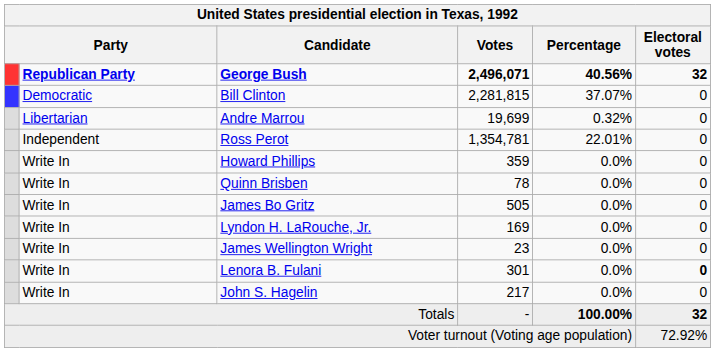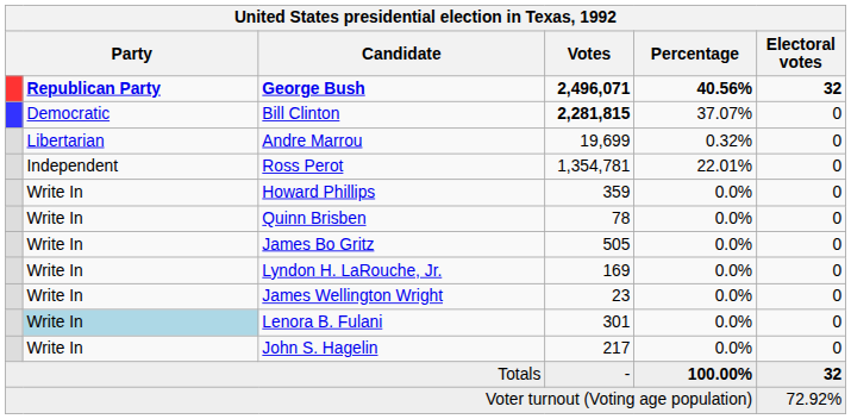 <table class="wikitable">
 <tr style="background:#e9e9e9;">
 <th colspan="6">United States presidential election in Texas, 1992</th>
 </tr>
 <tr style="background:#eee; text-align:center;">
 <th colspan="2" style="width: 15em">Party</th>
 <th style="width: 17em">Candidate</th>
 <th style="width: 5em">Votes</th>
 <th style="width: 7em">Percentage</th>
 <th style="width: 5em">Electoral votes</th>
 </tr>
 <tr>
 <th style="background:#f33; width:3px;"></th>
 <td style="width: 130px"><strong><a href='#'>Republican Party</a></strong></td>
 <td><strong><a href='#'>George Bush</a></strong></td>
 <td style="text-align:right;"><strong>2,496,071</strong></td>
 <td style="text-align:right;"><strong>40.56%</strong></td>
 <td style="text-align:right;"><strong>32</strong></td>
 </tr>
 <tr>
 <th style="background:#33f; width:3px;"></th>
 <td style="width: 130px"><a href='#'>Democratic</a></td>
 <td><a href='#'>Bill Clinton</a></td>
-<td style="text-align:right;">2,281,815</td>
+<td style="text-align:right;"><strong>2,281,815</strong></td>
 <td style="text-align:right;">37.07%</td>
 <td style="text-align:right;">0</td>
 </tr>
 <tr>
 <th style="background:#ddd; width:3px;"></th>
 <td style="width: 130px"><a href='#'>Libertarian</a></td>
 <td><a href='#'>Andre Marrou</a></td>
 <td style="text-align:right;">19,699</td>
 <td style="text-align:right;">0.32%</td>
 <td style="text-align:right;">0</td>
 </tr>
 <tr>
 <th style="background:#ddd; width:3px;"></th>
 <td style="width: 130px">Independent</td>
 <td><a href='#'>Ross Perot</a></td>
 <td style="text-align:right;">1,354,781</td>
 <td style="text-align:right;">22.01%</td>
 <td style="text-align:right;">0</td>
 </tr>
 <tr>
 <th style="background:#ddd; width:3px;"></th>
 <td style="width: 130px">Write In</td>
 <td><a href='#'>Howard Phillips</a></td>
 <td style="text-align:right;">359</td>
 <td style="text-align:right;">0.0%</td>
 <td style="text-align:right;">0</td>
 </tr>
 <tr>
 <th style="background:#ddd; width:3px;"></th>
 <td style="width: 130px">Write In</td>
 <td><a href='#'>Quinn Brisben</a></td>
 <td style="text-align:right;">78</td>
 <td style="text-align:right;">0.0%</td>
 <td style="text-align:right;">0</td>
 </tr>
 <tr>
 <th style="background:#ddd; width:3px;"></th>
 <td style="width: 130px">Write In</td>
 <td><a href='#'>James Bo Gritz</a></td>
 <td style="text-align:right;">505</td>
 <td style="text-align:right;">0.0%</td>
 <td style="text-align:right;">0</td>
 </tr>
 <tr>
 <th style="background:#ddd; width:3px;"></th>
 <td style="width: 130px">Write In</td>
 <td><a href='#'>Lyndon H. LaRouche, Jr.</a></td>
 <td style="text-align:right;">169</td>
 <td style="text-align:right;">0.0%</td>
 <td style="text-align:right;">0</td>
 </tr>
 <tr>
 <th style="background:#ddd; width:3px;"></th>
 <td style="width: 130px">Write In</td>
 <td><a href='#'>James Wellington Wright</a></td>
 <td style="text-align:right;">23</td>
 <td style="text-align:right;">0.0%</td>
 <td style="text-align:right;">0</td>
 </tr>
 <tr>
 <th style="background:#ddd; width:3px;"></th>
-<td style="width: 130px">Write In</td>
+<td style="background: lightblue; width: 130px">Write In</td>
 <td><a href='#'>Lenora B. Fulani</a></td>
 <td style="text-align:right;">301</td>
 <td style="text-align:right;">0.0%</td>
-<td style="text-align:right;"><strong>0</strong></td>
+<td style="text-align:right;">0</td>
 </tr>
 <tr>
 <th style="background:#ddd; width:3px;"></th>
 <td style="width: 130px">Write In</td>
 <td><a href='#'>John S. Hagelin</a></td>
 <td style="text-align:right;">217</td>
 <td style="text-align:right;">0.0%</td>
 <td style="text-align:right;">0</td>
 </tr>
 <tr style="background:#eee; text-align:right;">
 <td colspan="3">Totals</td>
 <td>-</td>
 <td><strong>100.00%</strong></td>
 <td><strong>32</strong></td>
 </tr>
 <tr style="background:#eee; text-align:right;">
 <td colspan="5">Voter turnout (Voting age population)</td>
 <td>72.92%</td>
 </tr>
 </table>
